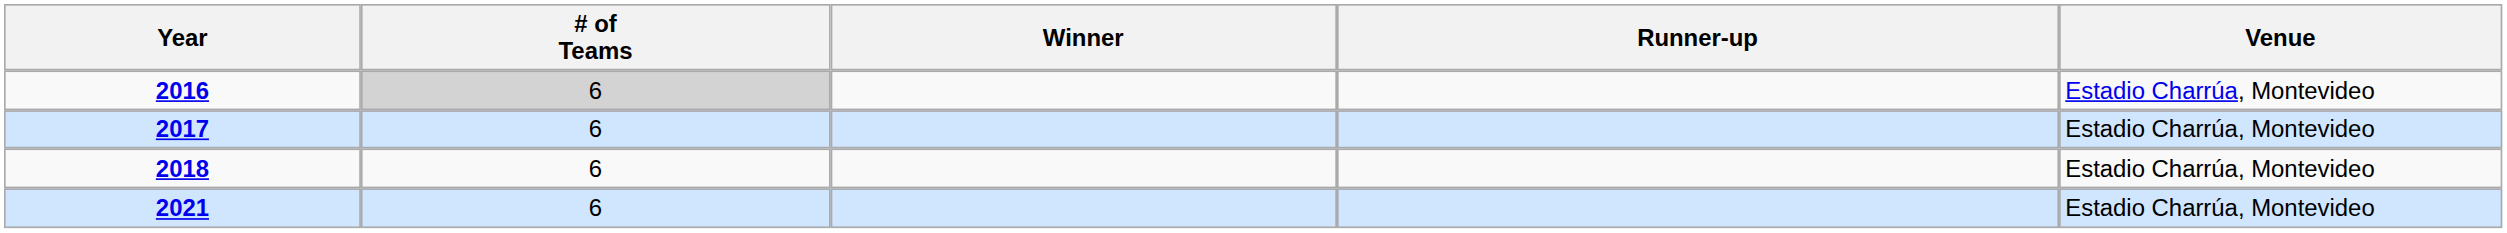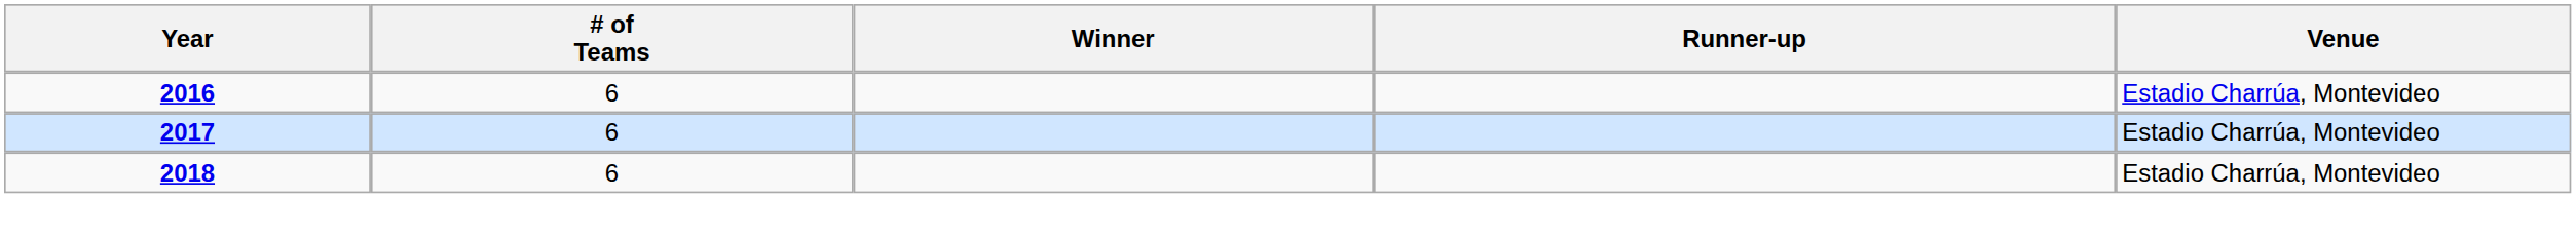 <table class="wikitable" style="font-size:90%; width:95%; cellspacing:0; border:0; border-spacing:0; border-collapse: separate;">
 <tr>
 <th>Year</th>
 <th># of<br>Teams</th>
 <th>Winner</th>
 <th>Runner-up</th>
 <th style="width:18em;">Venue</th>
 </tr>
 <tr>
 <td align=center><a href='#'><strong>2016</strong></a></td>
-<td align=center style="background: lightgrey;">6</td>
+<td align=center>6</td>
 <td><strong></strong></td>
 <td></td>
 <td><a href='#'>Estadio Charrúa</a>, Montevideo</td>
 </tr>
 <tr style="background: #D0E6FF;">
 <td align=center><a href='#'><strong>2017</strong></a></td>
 <td align=center>6</td>
 <td><strong></strong></td>
 <td></td>
 <td>Estadio Charrúa, Montevideo</td>
 </tr>
 <tr>
 <td align=center><a href='#'><strong>2018</strong></a></td>
 <td align=center>6</td>
 <td><strong></strong></td>
 <td></td>
 <td>Estadio Charrúa, Montevideo</td>
 </tr>
-<tr style="background: #D0E6FF;">
-<td align=center><a href='#'><strong>2021</strong></a></td>
-<td align=center>6</td>
-<td><strong></strong></td>
-<td></td>
-<td>Estadio Charrúa, Montevideo</td>
-</tr>
 </table>
